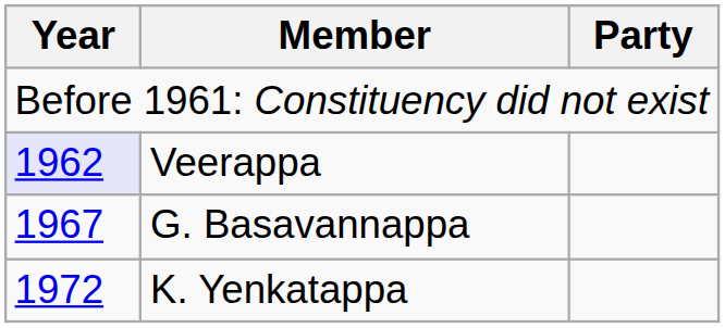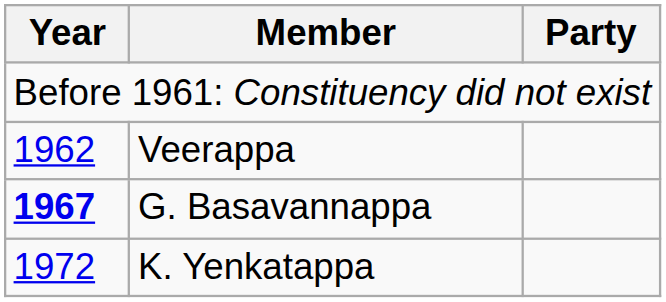 <table class="wikitable sortable">
 <tr>
 <th>Year</th>
 <th>Member</th>
 <th colspan="2">Party</th>
 </tr>
 <tr>
 <td colspan=4>Before 1961: <em>Constituency did not exist</em></td>
 </tr>
 <tr>
-<td style="background: lavender;"><a href='#'>1962</a></td>
+<td><a href='#'>1962</a></td>
 <td>Veerappa</td>
 <td></td>
 </tr>
 <tr>
-<td><a href='#'>1967</a></td>
+<td><strong><a href='#'>1967</a></strong></td>
 <td>G. Basavannappa</td>
 <td></td>
 </tr>
 <tr>
 <td><a href='#'>1972</a></td>
 <td>K. Yenkatappa</td>
 <td></td>
 </tr>
 </table>
